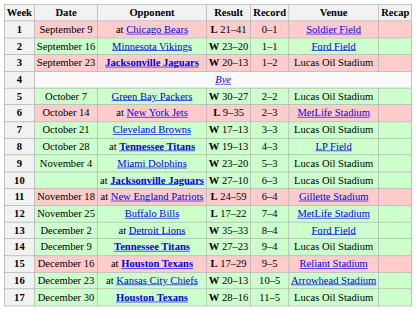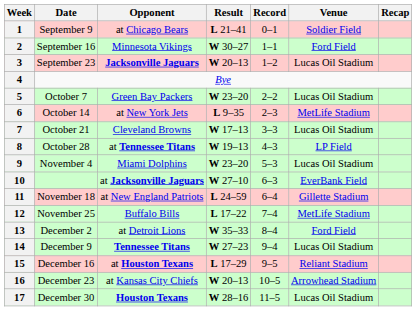 <table class="wikitable" style="text-align:center">
 <tr>
 <th>Week</th>
 <th>Date</th>
 <th>Opponent</th>
 <th>Result</th>
 <th>Record</th>
 <th>Venue</th>
 <th>Recap</th>
 </tr>
 <tr style="background:#fcc">
 <th>1</th>
 <td>September 9</td>
 <td>at <a href='#'>Chicago Bears</a></td>
 <td><strong>L</strong> 21–41</td>
 <td>0–1</td>
 <td><a href='#'>Soldier Field</a></td>
 <td></td>
 </tr>
 <tr style="background:#cfc">
 <th>2</th>
 <td>September 16</td>
 <td><a href='#'>Minnesota Vikings</a></td>
-<td><strong>W</strong> 23–20</td>
+<td><strong>W</strong> 30–27</td>
 <td>1–1</td>
 <td><a href='#'>Ford Field</a></td>
 <td></td>
 </tr>
 <tr style="background:#fcc">
 <th>3</th>
 <td>September 23</td>
 <td><strong><a href='#'>Jacksonville Jaguars</a></strong></td>
 <td><strong>W</strong> 20–13</td>
 <td>1–2</td>
 <td>Lucas Oil Stadium</td>
 <td></td>
 </tr>
 <tr>
 <th>4</th>
 <td colspan="6"><em><a href='#'>Bye</a></em></td>
 </tr>
 <tr style="background:#cfc">
 <th>5</th>
 <td>October 7</td>
 <td><a href='#'>Green Bay Packers</a></td>
-<td><strong>W</strong> 30–27</td>
+<td><strong>W</strong> 23–20</td>
 <td>2–2</td>
 <td>Lucas Oil Stadium</td>
 <td></td>
 </tr>
 <tr style="background:#fcc">
 <th>6</th>
 <td>October 14</td>
 <td>at <a href='#'>New York Jets</a></td>
 <td><strong>L</strong> 9–35</td>
 <td>2–3</td>
 <td><a href='#'>MetLife Stadium</a></td>
 <td></td>
 </tr>
 <tr style="background:#cfc">
 <th>7</th>
 <td>October 21</td>
 <td><a href='#'>Cleveland Browns</a></td>
 <td><strong>W</strong> 17–13</td>
 <td>3–3</td>
 <td>Lucas Oil Stadium</td>
 <td></td>
 </tr>
 <tr style="background:#cfc">
 <th>8</th>
 <td>October 28</td>
 <td>at <strong><a href='#'>Tennessee Titans</a></strong></td>
 <td><strong>W</strong> 19–13 </td>
 <td>4–3</td>
 <td><a href='#'>LP Field</a></td>
 <td></td>
 </tr>
 <tr style="background:#cfc">
 <th>9</th>
 <td>November 4</td>
 <td><a href='#'>Miami Dolphins</a></td>
 <td><strong>W</strong> 23–20</td>
 <td>5–3</td>
 <td>Lucas Oil Stadium</td>
 <td></td>
 </tr>
 <tr style="background:#cfc">
 <th>10</th>
 <td></td>
 <td>at <strong><a href='#'>Jacksonville Jaguars</a></strong></td>
 <td><strong>W</strong> 27–10</td>
 <td>6–3</td>
-<td>Lucas Oil Stadium</td>
+<td><a href='#'>EverBank Field</a></td>
 <td></td>
 </tr>
 <tr style="background:#fcc">
 <th>11</th>
 <td>November 18</td>
 <td>at <a href='#'>New England Patriots</a></td>
 <td><strong>L</strong> 24–59</td>
 <td>6–4</td>
 <td><a href='#'>Gillette Stadium</a></td>
 <td></td>
 </tr>
 <tr style="background:#cfc">
 <th>12</th>
 <td>November 25</td>
 <td><a href='#'>Buffalo Bills</a></td>
 <td><strong>L</strong> 17–22</td>
 <td>7–4</td>
 <td><a href='#'>MetLife Stadium</a></td>
 <td></td>
 </tr>
 <tr style="background:#cfc">
 <th>13</th>
 <td>December 2</td>
 <td>at <a href='#'>Detroit Lions</a></td>
 <td><strong>W</strong> 35–33</td>
 <td>8–4</td>
 <td><a href='#'>Ford Field</a></td>
 <td></td>
 </tr>
 <tr style="background:#cfc">
 <th>14</th>
 <td>December 9</td>
 <td><strong><a href='#'>Tennessee Titans</a></strong></td>
 <td><strong>W</strong> 27–23</td>
 <td>9–4</td>
 <td>Lucas Oil Stadium</td>
 <td></td>
 </tr>
 <tr style="background:#fcc">
 <th>15</th>
 <td>December 16</td>
 <td>at <strong><a href='#'>Houston Texans</a></strong></td>
 <td><strong>L</strong> 17–29</td>
 <td>9–5</td>
 <td><a href='#'>Reliant Stadium</a></td>
 <td></td>
 </tr>
 <tr style="background:#cfc">
 <th>16</th>
 <td>December 23</td>
 <td>at <a href='#'>Kansas City Chiefs</a></td>
 <td><strong>W</strong> 20–13</td>
 <td>10–5</td>
 <td><a href='#'>Arrowhead Stadium</a></td>
 <td></td>
 </tr>
 <tr style="background:#cfc">
 <th>17</th>
 <td>December 30</td>
 <td><strong><a href='#'>Houston Texans</a></strong></td>
 <td><strong>W</strong> 28–16</td>
 <td>11–5</td>
 <td>Lucas Oil Stadium</td>
 <td></td>
 </tr>
 </table>
